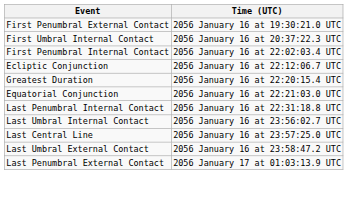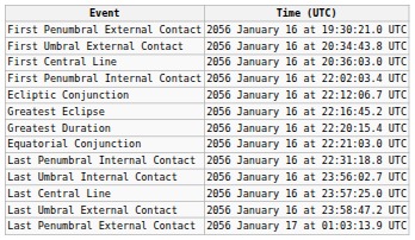 <table class="wikitable">
 <tr>
 <th>Event</th>
 <th>Time (UTC)</th>
 </tr>
 <tr>
 <td>First Penumbral External Contact</td>
 <td>2056 January 16 at 19:30:21.0 UTC</td>
 </tr>
 <tr>
-<td>First Umbral Internal Contact</td>
-<td>2056 January 16 at 20:37:22.3 UTC</td>
+<td>First Umbral External Contact</td>
+<td>2056 January 16 at 20:34:43.8 UTC</td>
+</tr>
+<tr>
+<td>First Central Line</td>
+<td>2056 January 16 at 20:36:03.0 UTC</td>
 </tr>
 <tr>
 <td>First Penumbral Internal Contact</td>
 <td>2056 January 16 at 22:02:03.4 UTC</td>
 </tr>
 <tr>
 <td>Ecliptic Conjunction</td>
 <td>2056 January 16 at 22:12:06.7 UTC</td>
+</tr>
+<tr>
+<td>Greatest Eclipse</td>
+<td>2056 January 16 at 22:16:45.2 UTC</td>
 </tr>
 <tr>
 <td>Greatest Duration</td>
 <td>2056 January 16 at 22:20:15.4 UTC</td>
 </tr>
 <tr>
 <td>Equatorial Conjunction</td>
 <td>2056 January 16 at 22:21:03.0 UTC</td>
 </tr>
 <tr>
 <td>Last Penumbral Internal Contact</td>
 <td>2056 January 16 at 22:31:18.8 UTC</td>
 </tr>
 <tr>
 <td>Last Umbral Internal Contact</td>
 <td>2056 January 16 at 23:56:02.7 UTC</td>
 </tr>
 <tr>
 <td>Last Central Line</td>
 <td>2056 January 16 at 23:57:25.0 UTC</td>
 </tr>
 <tr>
 <td>Last Umbral External Contact</td>
 <td>2056 January 16 at 23:58:47.2 UTC</td>
 </tr>
 <tr>
 <td>Last Penumbral External Contact</td>
 <td>2056 January 17 at 01:03:13.9 UTC</td>
 </tr>
 </table>
